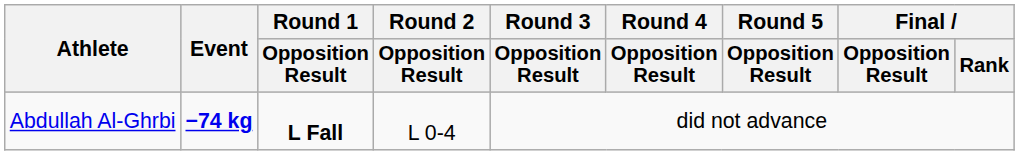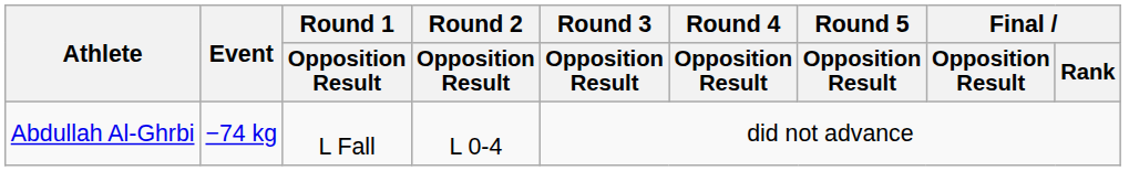 <table class="wikitable" style="font-size:90%">
 <tr>
 <th rowspan="2">Athlete</th>
 <th rowspan="2">Event</th>
 <th>Round 1</th>
 <th>Round 2</th>
 <th>Round 3</th>
 <th>Round 4</th>
 <th>Round 5</th>
 <th colspan=2>Final / </th>
 </tr>
 <tr style="font-size: 95%">
 <th>Opposition<br>Result</th>
 <th>Opposition<br>Result</th>
 <th>Opposition<br>Result</th>
 <th>Opposition<br>Result</th>
 <th>Opposition<br>Result</th>
 <th>Opposition<br>Result</th>
 <th>Rank</th>
 </tr>
 <tr align=center>
 <td align=left><a href='#'>Abdullah Al-Ghrbi</a></td>
-<td align=left><strong><a href='#'>−74 kg</a></strong></td>
-<td><strong><br> L Fall</strong></td>
+<td align=left><a href='#'>−74 kg</a></td>
+<td><br> L Fall</td>
 <td><br> L 0-4</td>
 <td colspan=5>did not advance</td>
 </tr>
 </table>
